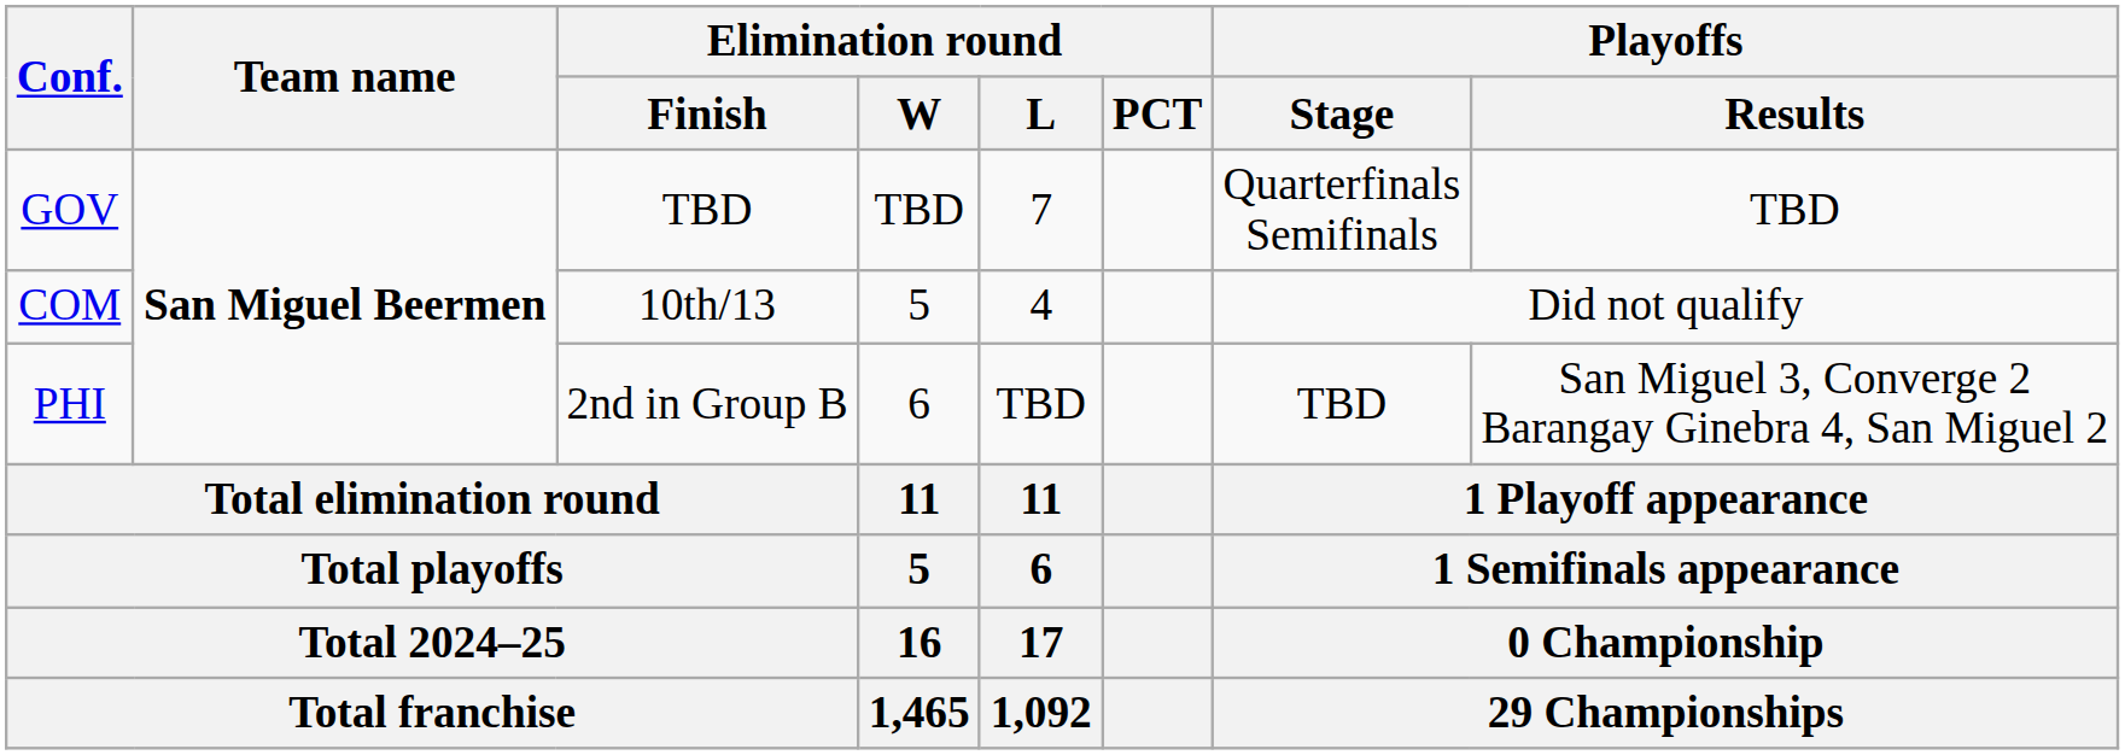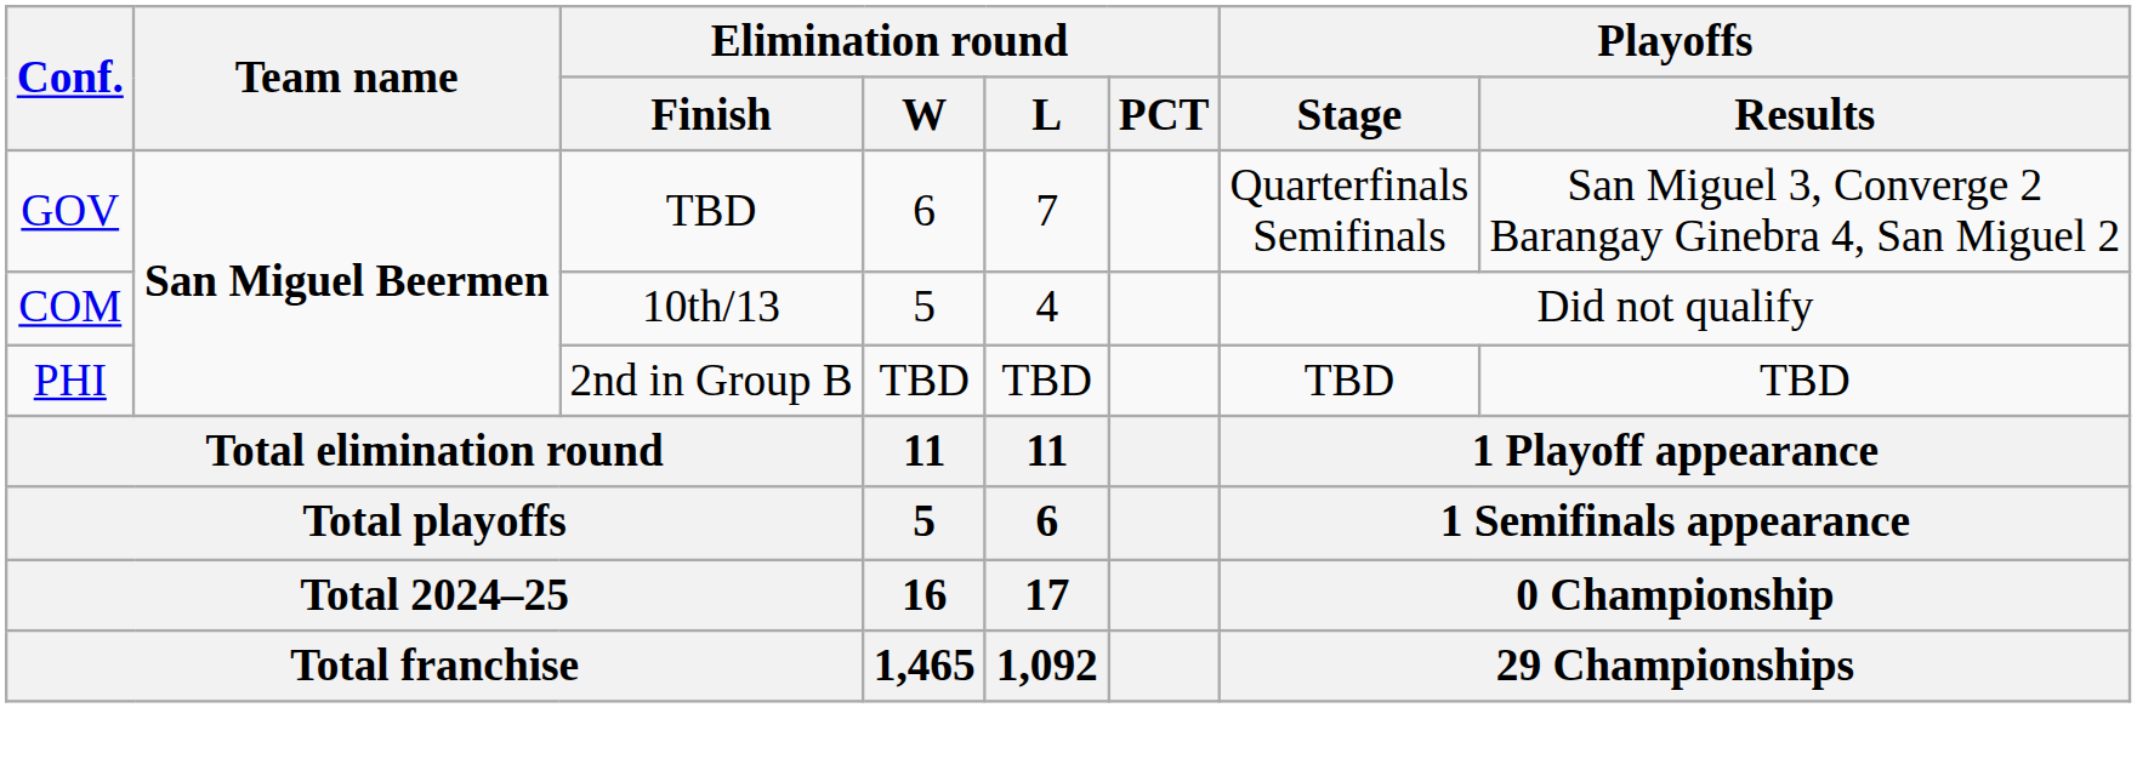 <table class=wikitable style="text-align:center;">
 <tr>
 <th rowspan="2"><a href='#'>Conf.</a></th>
 <th rowspan="2">Team name</th>
 <th colspan=4>Elimination round</th>
 <th colspan=2>Playoffs</th>
 </tr>
 <tr>
 <th>Finish</th>
 <th>W</th>
 <th>L</th>
 <th>PCT</th>
 <th>Stage</th>
 <th>Results</th>
 </tr>
 <tr>
 <td><a href='#'>GOV</a></td>
 <td rowspan=3><strong>San Miguel Beermen</strong></td>
 <td>TBD</td>
-<td>TBD</td>
+<td>6</td>
 <td>7</td>
 <td></td>
 <td>Quarterfinals<br>Semifinals</td>
-<td>TBD</td>
+<td>San Miguel 3, Converge 2<br>Barangay Ginebra 4, San Miguel 2</td>
 </tr>
 <tr>
 <td><a href='#'>COM</a></td>
 <td>10th/13</td>
 <td>5</td>
 <td>4</td>
 <td></td>
 <td colspan=2>Did not qualify</td>
 </tr>
 <tr>
 <td><a href='#'>PHI</a></td>
 <td>2nd in Group B</td>
-<td>6</td>
+<td>TBD</td>
 <td>TBD</td>
 <td></td>
 <td>TBD</td>
-<td>San Miguel 3, Converge 2<br>Barangay Ginebra 4, San Miguel 2</td>
+<td>TBD</td>
 </tr>
 <tr>
 <th colspan=3>Total elimination round</th>
 <th>11</th>
 <th>11</th>
 <th></th>
 <th colspan=2>1 Playoff appearance</th>
 </tr>
 <tr>
 <th colspan=3>Total playoffs</th>
 <th>5</th>
 <th>6</th>
 <th></th>
 <th colspan=2>1 Semifinals appearance</th>
 </tr>
 <tr>
 <th colspan=3>Total 2024–25</th>
 <th>16</th>
 <th>17</th>
 <th></th>
 <th colspan=2>0 Championship</th>
 </tr>
 <tr>
 <th colspan=3>Total franchise</th>
 <th>1,465</th>
 <th>1,092</th>
 <th></th>
 <th colspan=2>29 Championships</th>
 </tr>
 </table>
